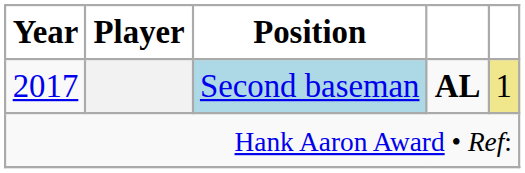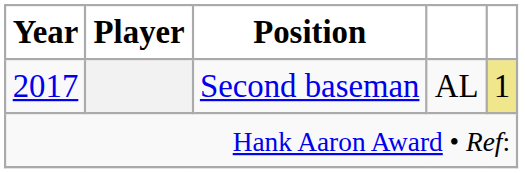 <table class="wikitable sortable plainrowheaders" style="font-size: 95%; text-align:center">
 <tr>
 <th scope="col" style="background-color:#ffffff; border-top:#">Year</th>
 <th scope="col" style="background-color:#ffffff; border-top:#">Player</th>
 <th scope="col" style="background-color:#ffffff; border-top:#">Position</th>
 <th scope="col" style="background-color:#ffffff; border-top:#"></th>
 <th scope="col" style="background-color:#ffffff; border-top:#"></th>
 </tr>
 <tr>
 <td><a href='#'>2017</a></td>
 <th scope="row" style="text-align:center"></th>
-<td style="background: lightblue;"><a href='#'>Second baseman</a></td>
-<td><strong>AL</strong></td>
+<td><a href='#'>Second baseman</a></td>
+<td>AL</td>
 <td style="background: khaki;">1</td>
 </tr>
 <tr class="sortbottom">
 <td style="text-align:right"; colspan="5"><small><a href='#'>Hank Aaron Award</a> • <em>Ref</em>:</small></td>
 </tr>
 <tr>
 </tr>
 </table>
